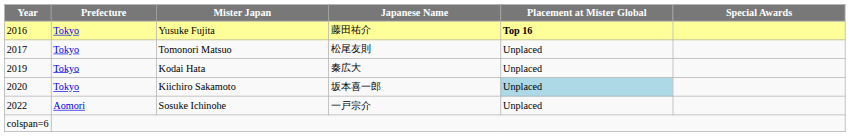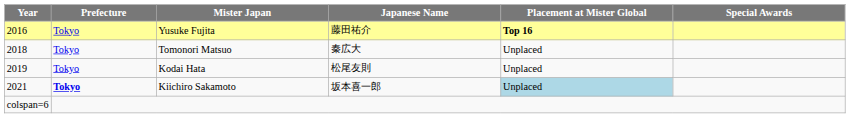 <table class="wikitable " style="font-size: 95%;">
 <tr>
 <th width="60" style="background-color:#787878;color:#FFFFFF;">Year</th>
 <th width="150" style="background-color:#787878;color:#FFFFFF;">Prefecture</th>
 <th width="250" style="background-color:#787878;color:#FFFFFF;">Mister Japan</th>
 <th width="250" style="background-color:#787878;color:#FFFFFF;">Japanese Name</th>
 <th width="250" style="background-color:#787878;color:#FFFFFF;">Placement at Mister Global</th>
 <th width="250" style="background-color:#787878;color:#FFFFFF;">Special Awards</th>
 </tr>
 <tr style="background-color:#FFFF99">
 <td>2016</td>
 <td><a href='#'>Tokyo</a></td>
 <td>Yusuke Fujita</td>
 <td>藤田祐介</td>
 <td><strong>Top 16</strong></td>
 <td></td>
 </tr>
 <tr>
-<td>2017</td>
+<td>2018</td>
 <td><a href='#'>Tokyo</a></td>
 <td>Tomonori Matsuo</td>
-<td>松尾友則</td>
+<td>秦広大</td>
 <td>Unplaced</td>
 <td></td>
 </tr>
 <tr>
 <td>2019</td>
 <td><a href='#'>Tokyo</a></td>
 <td>Kodai Hata</td>
-<td>秦広大</td>
+<td>松尾友則</td>
 <td>Unplaced</td>
 <td></td>
 </tr>
 <tr>
-<td>2020</td>
-<td><a href='#'>Tokyo</a></td>
+<td>2021</td>
+<td><strong><a href='#'>Tokyo</a></strong></td>
 <td>Kiichiro Sakamoto</td>
 <td>坂本喜一郎</td>
 <td style="background: lightblue;">Unplaced</td>
 <td></td>
 </tr>
 <tr>
-<td>2022</td>
-<td><a href='#'>Aomori</a></td>
-<td>Sosuke Ichinohe</td>
-<td>一戸宗介</td>
-<td>Unplaced</td>
-<td></td>
-</tr>
-<tr>
 <td>colspan=6 </td>
 </tr>
 </table>
